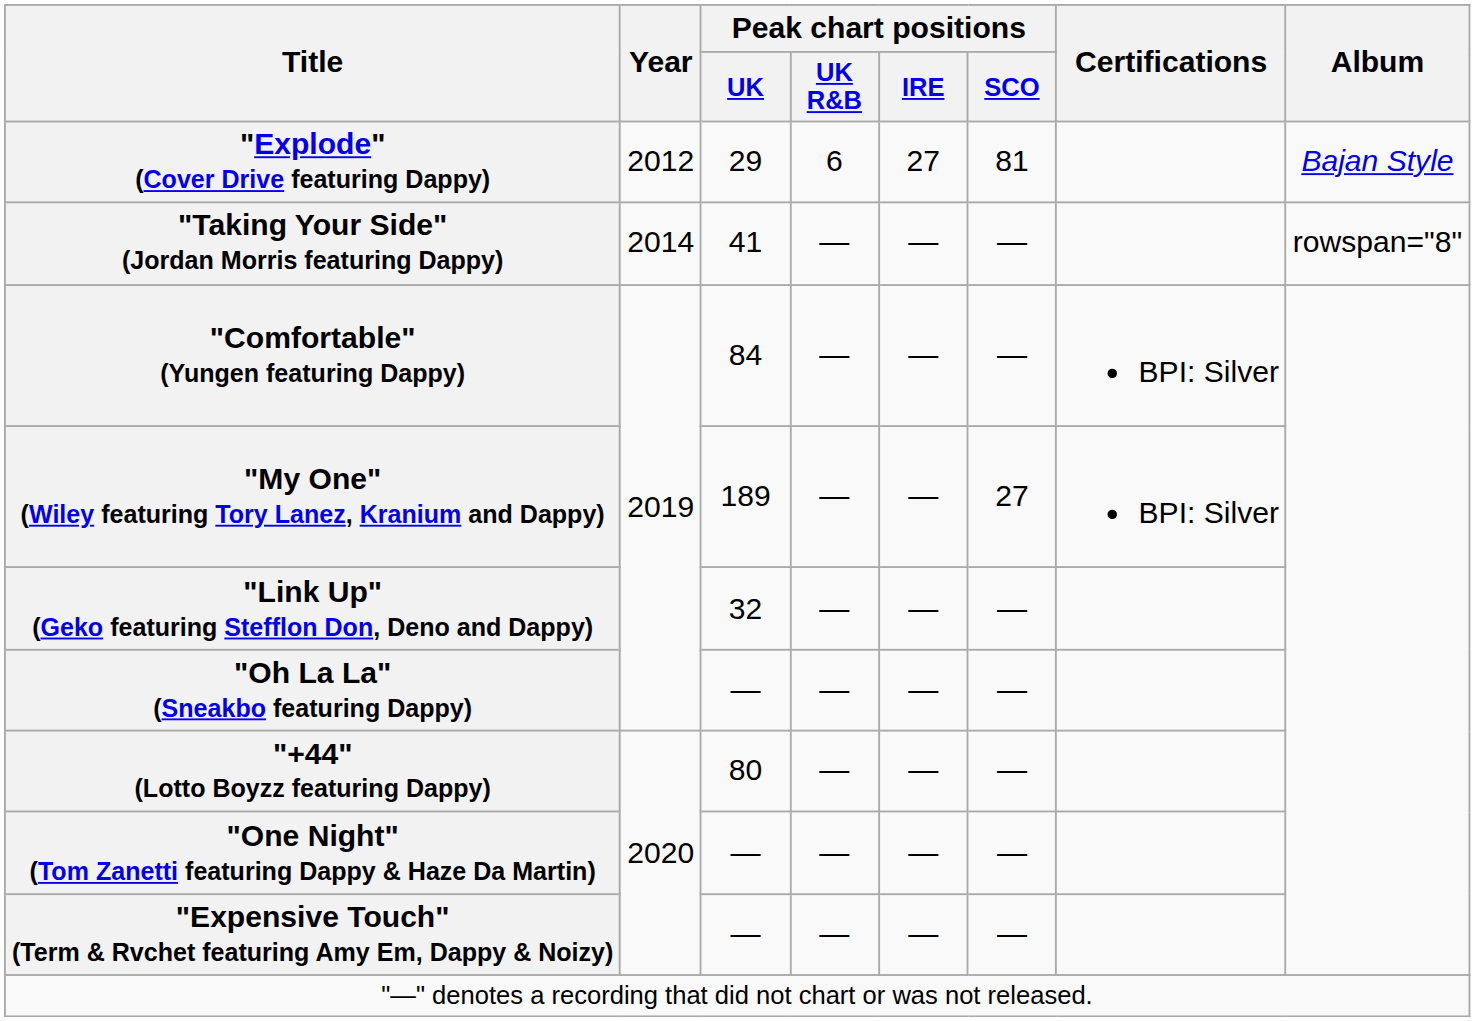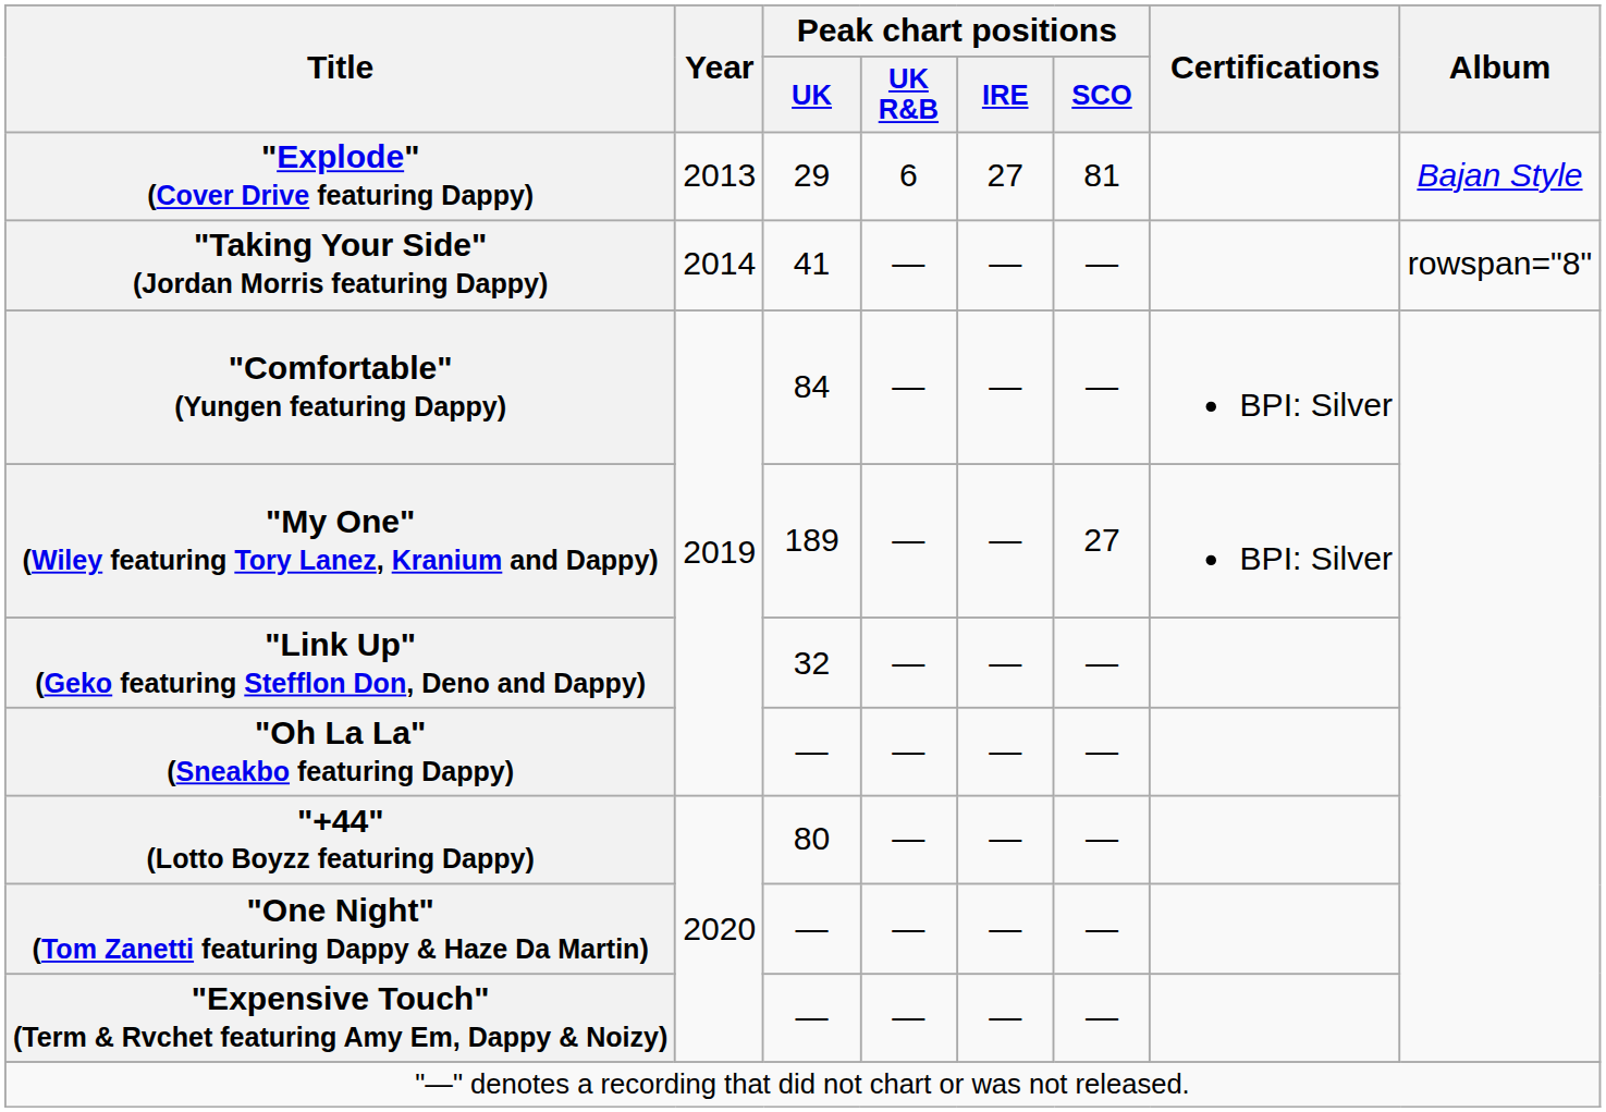 <table class="wikitable plainrowheaders" style="text-align:center;">
 <tr>
 <th scope="col" rowspan="2" style="width:20em;">Title</th>
 <th scope="col" rowspan="2" style="width:1em;">Year</th>
 <th scope="col" colspan="4">Peak chart positions</th>
 <th scope="col" rowspan="2">Certifications</th>
 <th scope="col" rowspan="2">Album</th>
 </tr>
 <tr>
 <th scope="col" style="width:3em;font-size:85%;"><a href='#'>UK</a><br></th>
 <th scope="col" style="width:3em;font-size:85%;"><a href='#'>UK R&B</a><br></th>
 <th scope="col" style="width:3em;font-size:85%;"><a href='#'>IRE</a><br></th>
 <th scope="col" style="width:3em;font-size:85%;"><a href='#'>SCO</a><br></th>
 </tr>
 <tr>
 <th scope="row">"<a href='#'>Explode</a>"<br><small>(<a href='#'>Cover Drive</a> featuring Dappy)</small></th>
-<td>2012</td>
+<td>2013</td>
 <td>29</td>
 <td>6</td>
 <td>27</td>
 <td>81</td>
 <td></td>
 <td><em><a href='#'>Bajan Style</a></em></td>
 </tr>
 <tr>
 <th scope="row">"Taking Your Side"<br><small>(Jordan Morris featuring Dappy)</small></th>
 <td>2014</td>
 <td>41</td>
 <td>—</td>
 <td>—</td>
 <td>—</td>
 <td></td>
 <td>rowspan="8" </td>
 </tr>
 <tr>
 <th scope="row">"Comfortable"<br><small>(Yungen featuring Dappy)</small></th>
 <td rowspan="4">2019</td>
 <td>84</td>
 <td>—</td>
 <td>—</td>
 <td>—</td>
 <td><br><ul><li>BPI: Silver</li></ul></td>
 </tr>
 <tr>
 <th scope="row">"My One"<br><small>(<a href='#'>Wiley</a> featuring <a href='#'>Tory Lanez</a>, <a href='#'>Kranium</a> and Dappy)</small></th>
 <td>189</td>
 <td>—</td>
 <td>—</td>
 <td>27</td>
 <td><br><ul><li>BPI: Silver</li></ul></td>
 </tr>
 <tr>
 <th scope="row">"Link Up"<br><small>(<a href='#'>Geko</a> featuring <a href='#'>Stefflon Don</a>, Deno and Dappy)</small></th>
 <td>32</td>
 <td>—</td>
 <td>—</td>
 <td>—</td>
 <td></td>
 </tr>
 <tr>
 <th scope="row">"Oh La La"<br><small>(<a href='#'>Sneakbo</a> featuring Dappy)</small></th>
 <td>—</td>
 <td>—</td>
 <td>—</td>
 <td>—</td>
 <td></td>
 </tr>
 <tr>
 <th scope="row">"+44"<br><small>(Lotto Boyzz featuring Dappy)</small></th>
 <td rowspan="3">2020</td>
 <td>80</td>
 <td>—</td>
 <td>—</td>
 <td>—</td>
 <td></td>
 </tr>
 <tr>
 <th scope="row">"One Night"<br><small>(<a href='#'>Tom Zanetti</a> featuring Dappy & Haze Da Martin)</small></th>
 <td>—</td>
 <td>—</td>
 <td>—</td>
 <td>—</td>
 <td></td>
 </tr>
 <tr>
 <th scope="row">"Expensive Touch"<br><small>(Term & Rvchet featuring Amy Em, Dappy & Noizy)</small></th>
 <td>—</td>
 <td>—</td>
 <td>—</td>
 <td>—</td>
 <td></td>
 </tr>
 <tr>
 <td colspan="12" style="font-size:85%">"—" denotes a recording that did not chart or was not released.</td>
 </tr>
 </table>
